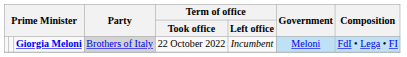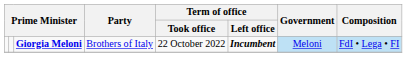 <table class="wikitable" style="text-align:center">
 <tr>
 <th colspan=3 rowspan=2>Prime Minister</th>
 <th rowspan=2>Party</th>
 <th colspan=2>Term of office</th>
 <th rowspan=2>Government</th>
 <th rowspan=2>Composition</th>
 </tr>
 <tr>
 <th>Took office</th>
 <th>Left office</th>
 </tr>
 <tr>
 <td style="background:"></td>
 <td></td>
 <td><strong><a href='#'>Giorgia Meloni</a></strong><br></td>
-<td style="background: lightgrey;"><a href='#'>Brothers of Italy</a></td>
+<td><a href='#'>Brothers of Italy</a></td>
 <td class="nowrap">22 October 2022</td>
-<td class="nowrap"><em>Incumbent</em></td>
+<td class="nowrap"><strong><em>Incumbent</em></strong></td>
 <td bgcolor=#BEE1F5><a href='#'>Meloni</a></td>
 <td bgcolor=#BEE1F5><a href='#'>FdI</a> • <a href='#'>Lega</a> • <a href='#'>FI</a> <br></td>
 </tr>
 <tr>
 </tr>
 </table>
